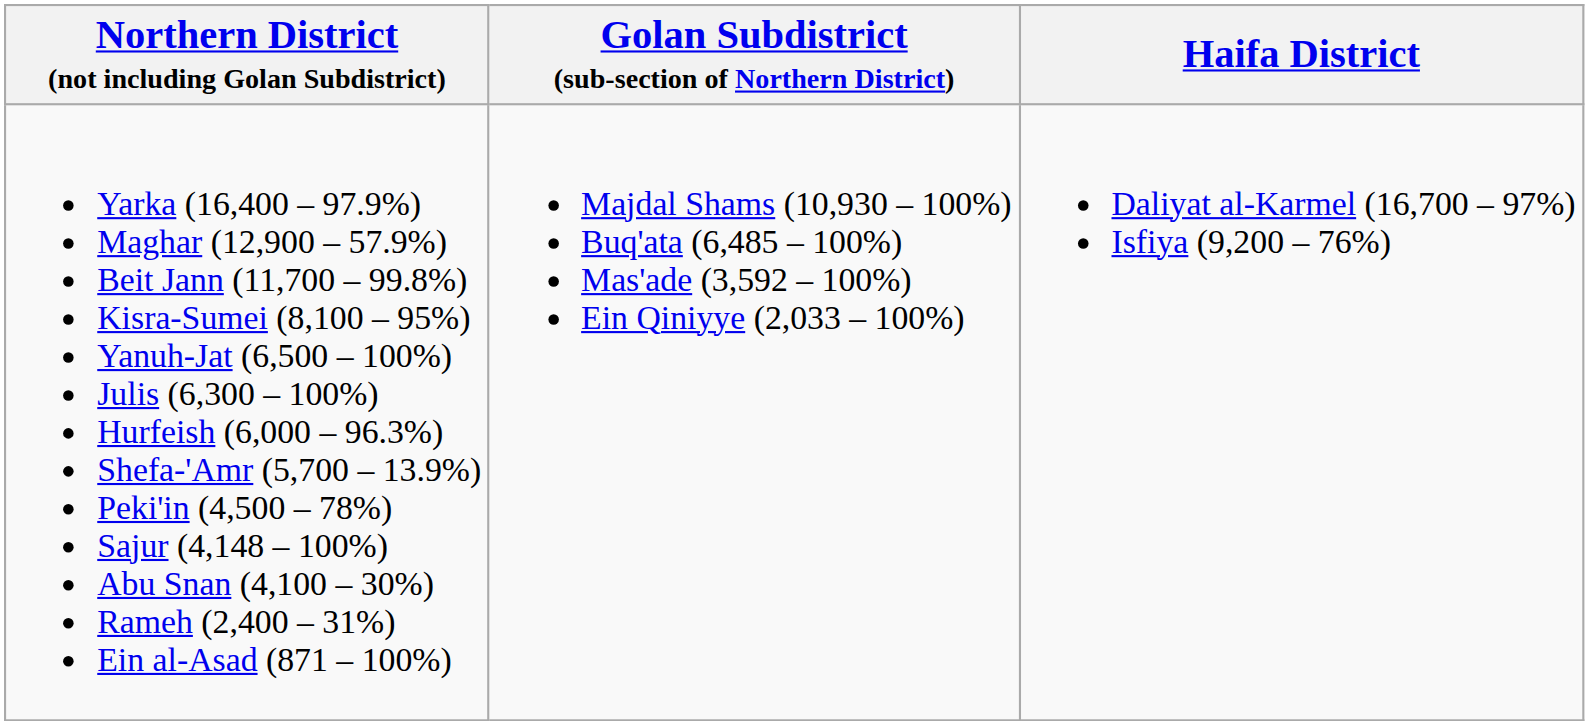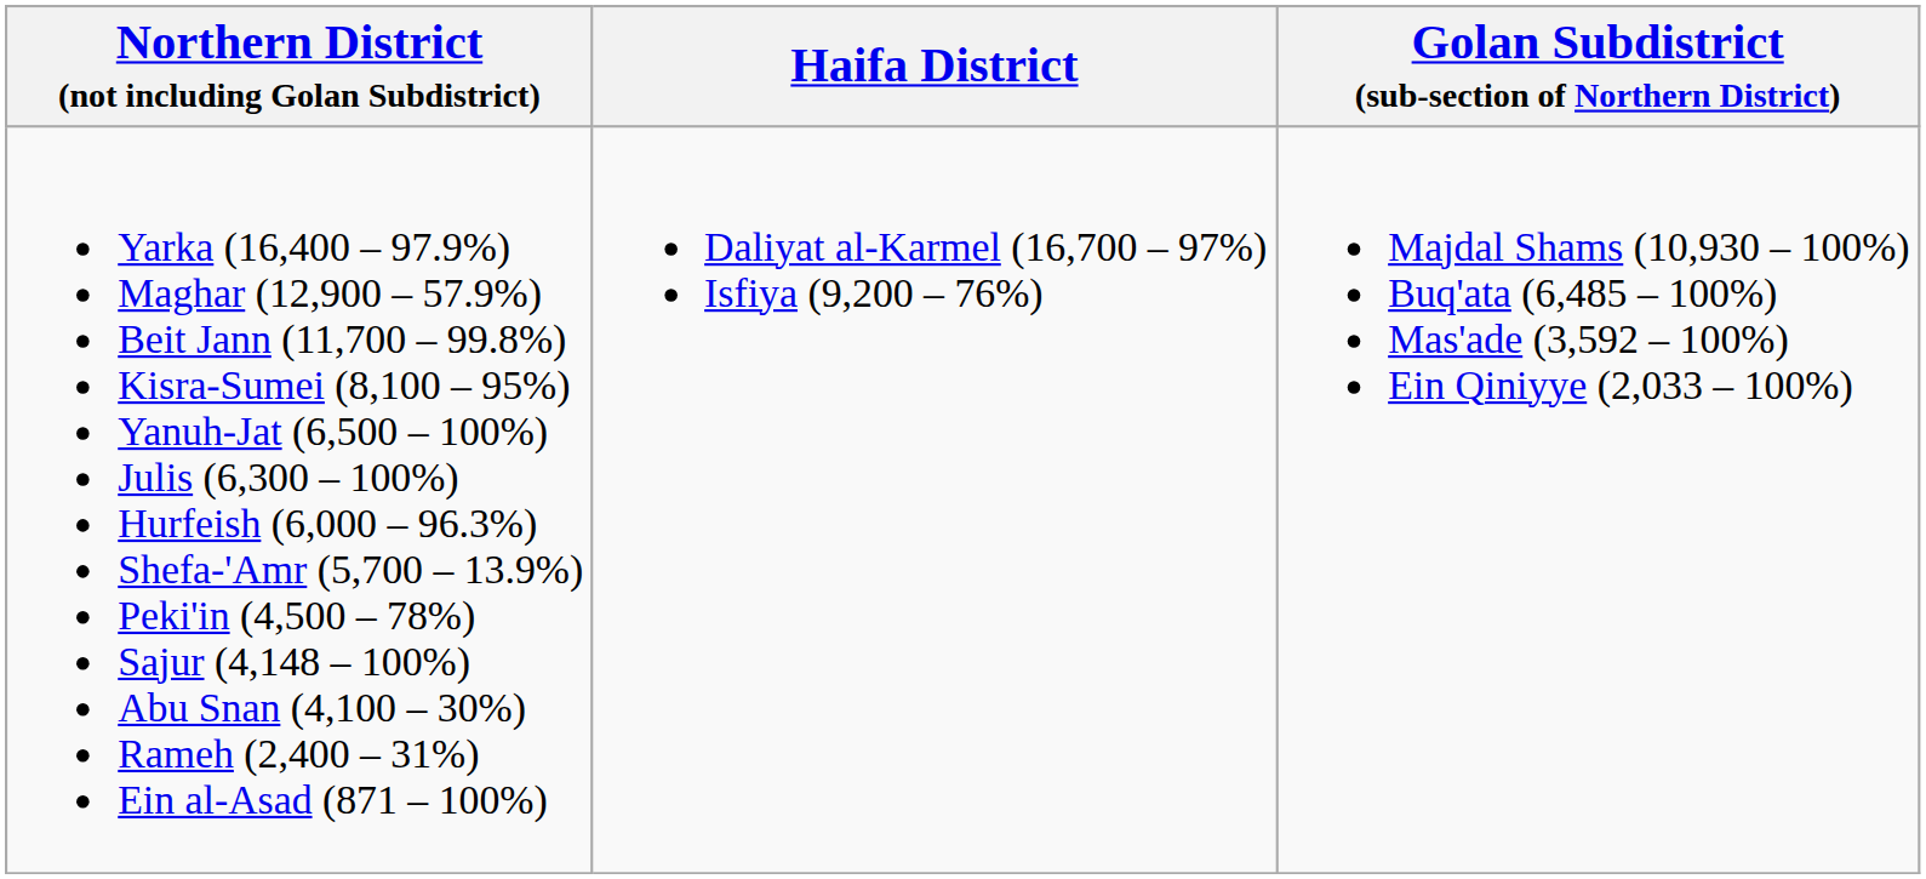 <table class="wikitable">
 <tr>
 <th><a href='#'><big>Northern District</big></a><br><small>(not including Golan Subdistrict)</small></th>
+<th><a href='#'><big>Haifa District</big></a></th>
 <th><a href='#'><big>Golan Subdistrict</big></a><br><small>(sub-section of <a href='#'>Northern District</a>)</small></th>
-<th><a href='#'><big>Haifa District</big></a></th>
 </tr>
 <tr valign="top">
 <td><br><ul><li><a href='#'>Yarka</a> (16,400 – 97.9%)</li><li><a href='#'>Maghar</a> (12,900 – 57.9%)</li><li><a href='#'>Beit Jann</a> (11,700 – 99.8%)</li><li><a href='#'>Kisra-Sumei</a> (8,100 – 95%)</li><li><a href='#'>Yanuh-Jat</a> (6,500 – 100%)</li><li><a href='#'>Julis</a> (6,300 – 100%)</li><li><a href='#'>Hurfeish</a> (6,000 – 96.3%)</li><li><a href='#'>Shefa-'Amr</a> (5,700 – 13.9%)</li><li><a href='#'>Peki'in</a> (4,500 – 78%)</li><li><a href='#'>Sajur</a> (4,148 – 100%)</li><li><a href='#'>Abu Snan</a> (4,100 – 30%)</li><li><a href='#'>Rameh</a> (2,400 – 31%)</li><li><a href='#'>Ein al-Asad</a> (871 – 100%)</li></ul></td>
+<td><br><ul><li><a href='#'>Daliyat al-Karmel</a> (16,700 – 97%)</li><li><a href='#'>Isfiya</a> (9,200 – 76%)</li></ul></td>
 <td><br><ul><li><a href='#'>Majdal Shams</a> (10,930 – 100%)</li><li><a href='#'>Buq'ata</a> (6,485 – 100%)</li><li><a href='#'>Mas'ade</a> (3,592 – 100%)</li><li><a href='#'>Ein Qiniyye</a> (2,033 – 100%)</li></ul></td>
-<td><br><ul><li><a href='#'>Daliyat al-Karmel</a> (16,700 – 97%)</li><li><a href='#'>Isfiya</a> (9,200 – 76%)</li></ul></td>
 </tr>
 </table>
